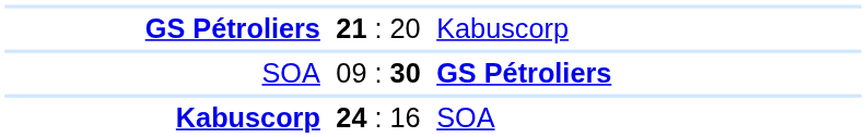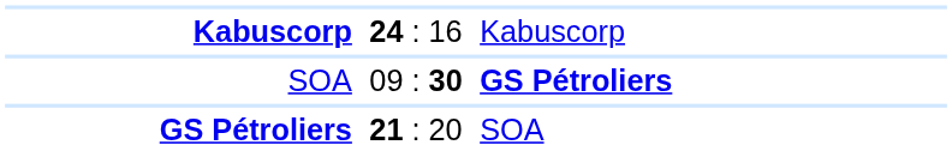 <table style="text-align:center" width=500>
 <tr>
 <th width=30%></th>
 <th width=10%></th>
 <th width=30%></th>
 <th width=10%></th>
 </tr>
 <tr align="left" bgcolor=#D0E7FF>
 <td colspan=4></td>
 </tr>
 <tr>
-<td align="right"><strong><a href='#'>GS Pétroliers</a></strong> </td>
-<td><strong>21</strong> : 20</td>
+<td align="right"><strong><a href='#'>Kabuscorp</a></strong> </td>
+<td><strong>24</strong> : 16</td>
 <td align=left> <a href='#'>Kabuscorp</a></td>
 </tr>
 <tr align="left" bgcolor=#D0E7FF>
 <td colspan=4></td>
 </tr>
 <tr>
 <td align="right"><a href='#'>SOA</a> </td>
 <td>09 : <strong>30</strong></td>
 <td align=left> <strong><a href='#'>GS Pétroliers</a></strong></td>
 </tr>
 <tr align="left" bgcolor=#D0E7FF>
 <td colspan=4></td>
 </tr>
 <tr>
-<td align="right"><strong><a href='#'>Kabuscorp</a></strong> </td>
-<td><strong>24</strong> : 16</td>
+<td align="right"><strong><a href='#'>GS Pétroliers</a></strong> </td>
+<td><strong>21</strong> : 20</td>
 <td align=left> <a href='#'>SOA</a></td>
 </tr>
 </table>
